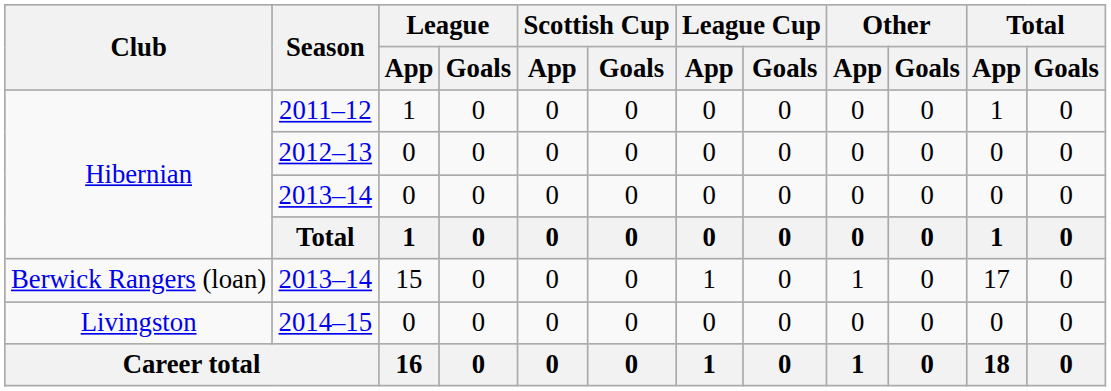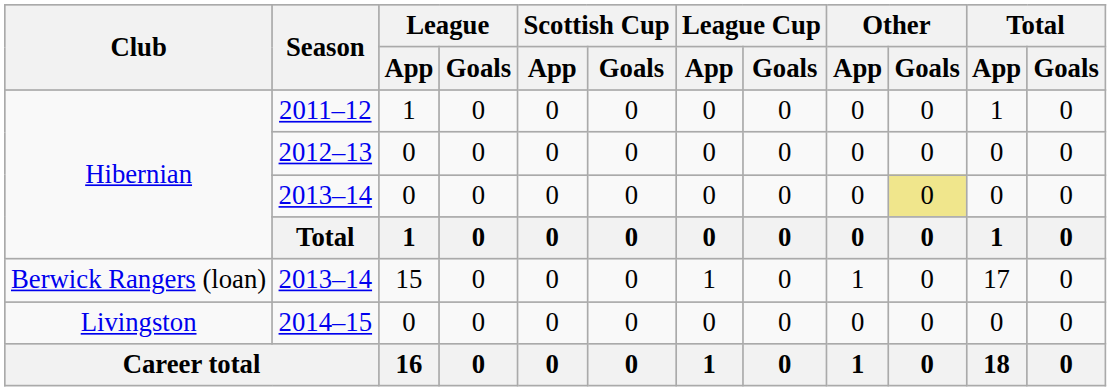 <table class="wikitable" style="text-align: center">
 <tr>
 <th rowspan=2>Club</th>
 <th rowspan=2>Season</th>
 <th colspan=2>League</th>
 <th colspan=2>Scottish Cup</th>
 <th colspan=2>League Cup</th>
 <th colspan=2>Other</th>
 <th colspan=2>Total</th>
 </tr>
 <tr>
 <th>App</th>
 <th>Goals</th>
 <th>App</th>
 <th>Goals</th>
 <th>App</th>
 <th>Goals</th>
 <th>App</th>
 <th>Goals</th>
 <th>App</th>
 <th>Goals</th>
 </tr>
 <tr>
 <td rowspan=4><a href='#'>Hibernian</a></td>
 <td><a href='#'>2011–12</a></td>
 <td>1</td>
 <td>0</td>
 <td>0</td>
 <td>0</td>
 <td>0</td>
 <td>0</td>
 <td>0</td>
 <td>0</td>
 <td>1</td>
 <td>0</td>
 </tr>
 <tr>
 <td><a href='#'>2012–13</a></td>
 <td>0</td>
 <td>0</td>
 <td>0</td>
 <td>0</td>
 <td>0</td>
 <td>0</td>
 <td>0</td>
 <td>0</td>
 <td>0</td>
 <td>0</td>
 </tr>
 <tr>
 <td><a href='#'>2013–14</a></td>
 <td>0</td>
 <td>0</td>
 <td>0</td>
 <td>0</td>
 <td>0</td>
 <td>0</td>
 <td>0</td>
-<td>0</td>
+<td style="background: khaki;">0</td>
 <td>0</td>
 <td>0</td>
 </tr>
 <tr>
 <th>Total</th>
 <th>1</th>
 <th>0</th>
 <th>0</th>
 <th>0</th>
 <th>0</th>
 <th>0</th>
 <th>0</th>
 <th>0</th>
 <th>1</th>
 <th>0</th>
 </tr>
 <tr>
 <td rowspan=1><a href='#'>Berwick Rangers</a> (loan)</td>
 <td><a href='#'>2013–14</a></td>
 <td>15</td>
 <td>0</td>
 <td>0</td>
 <td>0</td>
 <td>1</td>
 <td>0</td>
 <td>1</td>
 <td>0</td>
 <td>17</td>
 <td>0</td>
 </tr>
 <tr>
 <td rowspan=1><a href='#'>Livingston</a></td>
 <td><a href='#'>2014–15</a></td>
 <td>0</td>
 <td>0</td>
 <td>0</td>
 <td>0</td>
 <td>0</td>
 <td>0</td>
 <td>0</td>
 <td>0</td>
 <td>0</td>
 <td>0</td>
 </tr>
 <tr>
 <th colspan="2">Career total</th>
 <th>16</th>
 <th>0</th>
 <th>0</th>
 <th>0</th>
 <th>1</th>
 <th>0</th>
 <th>1</th>
 <th>0</th>
 <th>18</th>
 <th>0</th>
 </tr>
 </table>
